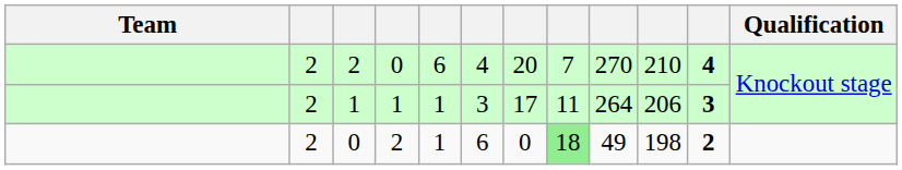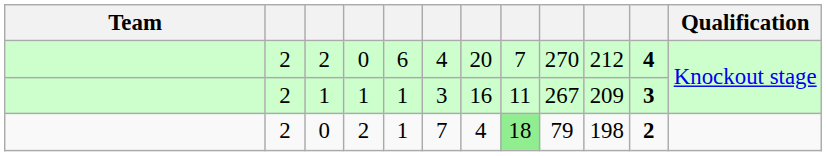 <table class=wikitable style="text-align:center">
 <tr>
 <th width=175>Team</th>
 <th width=20></th>
 <th width=20></th>
 <th width=20></th>
 <th width=20></th>
 <th width=20></th>
 <th width=20></th>
 <th width=20></th>
 <th width=20></th>
 <th width=20></th>
 <th width=20></th>
 <th>Qualification</th>
 </tr>
 <tr style="background-color:#ccffcc;">
 <td style="text-align:left;"></td>
 <td>2</td>
 <td>2</td>
 <td>0</td>
 <td>6</td>
 <td>4</td>
 <td>20</td>
 <td>7</td>
 <td>270</td>
-<td>210</td>
+<td>212</td>
 <td><strong>4</strong></td>
 <td rowspan=2><a href='#'>Knockout stage</a></td>
 </tr>
 <tr style="background-color:#ccffcc;">
 <td style="text-align:left;"></td>
 <td>2</td>
 <td>1</td>
 <td>1</td>
 <td>1</td>
 <td>3</td>
-<td>17</td>
+<td>16</td>
 <td>11</td>
-<td>264</td>
-<td>206</td>
+<td>267</td>
+<td>209</td>
 <td><strong>3</strong></td>
 </tr>
 <tr>
 <td style="text-align:left;"></td>
 <td>2</td>
 <td>0</td>
 <td>2</td>
 <td>1</td>
-<td>6</td>
-<td>0</td>
+<td>7</td>
+<td>4</td>
 <td style="background: lightgreen;">18</td>
-<td>49</td>
+<td>79</td>
 <td>198</td>
 <td><strong>2</strong></td>
 <td></td>
 </tr>
 </table>
